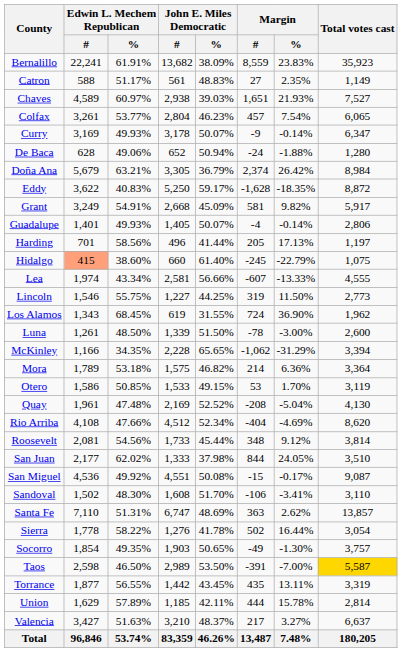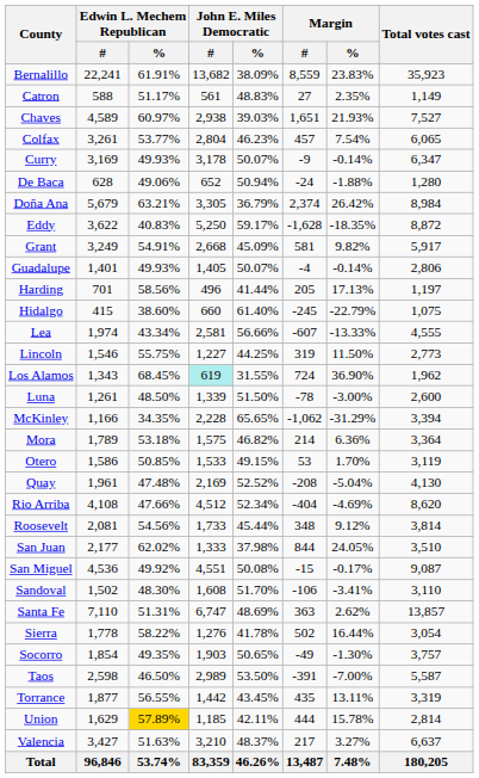 <table class="wikitable sortable" style="text-align:center">
 <tr>
 <th style="text-align:center;" rowspan="2">County</th>
 <th style="text-align:center;" colspan="2">Edwin L. Mechem<br>Republican</th>
 <th style="text-align:center;" colspan="2">John E. Miles<br>Democratic</th>
 <th style="text-align:center;" colspan="2">Margin</th>
 <th style="text-align:center;" rowspan="2">Total votes cast</th>
 </tr>
 <tr>
 <th style="text-align:center;" data-sort-type="number">#</th>
 <th style="text-align:center;" data-sort-type="number">%</th>
 <th style="text-align:center;" data-sort-type="number">#</th>
 <th style="text-align:center;" data-sort-type="number">%</th>
 <th style="text-align:center;" data-sort-type="number">#</th>
 <th style="text-align:center;" data-sort-type="number">%</th>
 </tr>
 <tr style="text-align:center;">
 <td><a href='#'>Bernalillo</a></td>
 <td>22,241</td>
 <td>61.91%</td>
 <td>13,682</td>
 <td>38.09%</td>
 <td>8,559</td>
 <td>23.83%</td>
 <td>35,923</td>
 </tr>
 <tr style="text-align:center;">
 <td><a href='#'>Catron</a></td>
 <td>588</td>
 <td>51.17%</td>
 <td>561</td>
 <td>48.83%</td>
 <td>27</td>
 <td>2.35%</td>
 <td>1,149</td>
 </tr>
 <tr style="text-align:center;">
 <td><a href='#'>Chaves</a></td>
 <td>4,589</td>
 <td>60.97%</td>
 <td>2,938</td>
 <td>39.03%</td>
 <td>1,651</td>
 <td>21.93%</td>
 <td>7,527</td>
 </tr>
 <tr style="text-align:center;">
 <td><a href='#'>Colfax</a></td>
 <td>3,261</td>
 <td>53.77%</td>
 <td>2,804</td>
 <td>46.23%</td>
 <td>457</td>
 <td>7.54%</td>
 <td>6,065</td>
 </tr>
 <tr style="text-align:center;">
 <td><a href='#'>Curry</a></td>
 <td>3,169</td>
 <td>49.93%</td>
 <td>3,178</td>
 <td>50.07%</td>
 <td>-9</td>
 <td>-0.14%</td>
 <td>6,347</td>
 </tr>
 <tr style="text-align:center;">
 <td><a href='#'>De Baca</a></td>
 <td>628</td>
 <td>49.06%</td>
 <td>652</td>
 <td>50.94%</td>
 <td>-24</td>
 <td>-1.88%</td>
 <td>1,280</td>
 </tr>
 <tr style="text-align:center;">
 <td><a href='#'>Doña Ana</a></td>
 <td>5,679</td>
 <td>63.21%</td>
 <td>3,305</td>
 <td>36.79%</td>
 <td>2,374</td>
 <td>26.42%</td>
 <td>8,984</td>
 </tr>
 <tr style="text-align:center;">
 <td><a href='#'>Eddy</a></td>
 <td>3,622</td>
 <td>40.83%</td>
 <td>5,250</td>
 <td>59.17%</td>
 <td>-1,628</td>
 <td>-18.35%</td>
 <td>8,872</td>
 </tr>
 <tr style="text-align:center;">
 <td><a href='#'>Grant</a></td>
 <td>3,249</td>
 <td>54.91%</td>
 <td>2,668</td>
 <td>45.09%</td>
 <td>581</td>
 <td>9.82%</td>
 <td>5,917</td>
 </tr>
 <tr style="text-align:center;">
 <td><a href='#'>Guadalupe</a></td>
 <td>1,401</td>
 <td>49.93%</td>
 <td>1,405</td>
 <td>50.07%</td>
 <td>-4</td>
 <td>-0.14%</td>
 <td>2,806</td>
 </tr>
 <tr style="text-align:center;">
 <td><a href='#'>Harding</a></td>
 <td>701</td>
 <td>58.56%</td>
 <td>496</td>
 <td>41.44%</td>
 <td>205</td>
 <td>17.13%</td>
 <td>1,197</td>
 </tr>
 <tr style="text-align:center;">
 <td><a href='#'>Hidalgo</a></td>
-<td style="background: lightsalmon;">415</td>
+<td>415</td>
 <td>38.60%</td>
 <td>660</td>
 <td>61.40%</td>
 <td>-245</td>
 <td>-22.79%</td>
 <td>1,075</td>
 </tr>
 <tr style="text-align:center;">
 <td><a href='#'>Lea</a></td>
 <td>1,974</td>
 <td>43.34%</td>
 <td>2,581</td>
 <td>56.66%</td>
 <td>-607</td>
 <td>-13.33%</td>
 <td>4,555</td>
 </tr>
 <tr style="text-align:center;">
 <td><a href='#'>Lincoln</a></td>
 <td>1,546</td>
 <td>55.75%</td>
 <td>1,227</td>
 <td>44.25%</td>
 <td>319</td>
 <td>11.50%</td>
 <td>2,773</td>
 </tr>
 <tr style="text-align:center;">
 <td><a href='#'>Los Alamos</a></td>
 <td>1,343</td>
 <td>68.45%</td>
-<td>619</td>
+<td style="background: paleturquoise;">619</td>
 <td>31.55%</td>
 <td>724</td>
 <td>36.90%</td>
 <td>1,962</td>
 </tr>
 <tr style="text-align:center;">
 <td><a href='#'>Luna</a></td>
 <td>1,261</td>
 <td>48.50%</td>
 <td>1,339</td>
 <td>51.50%</td>
 <td>-78</td>
 <td>-3.00%</td>
 <td>2,600</td>
 </tr>
 <tr style="text-align:center;">
 <td><a href='#'>McKinley</a></td>
 <td>1,166</td>
 <td>34.35%</td>
 <td>2,228</td>
 <td>65.65%</td>
 <td>-1,062</td>
 <td>-31.29%</td>
 <td>3,394</td>
 </tr>
 <tr style="text-align:center;">
 <td><a href='#'>Mora</a></td>
 <td>1,789</td>
 <td>53.18%</td>
 <td>1,575</td>
 <td>46.82%</td>
 <td>214</td>
 <td>6.36%</td>
 <td>3,364</td>
 </tr>
 <tr style="text-align:center;">
 <td><a href='#'>Otero</a></td>
 <td>1,586</td>
 <td>50.85%</td>
 <td>1,533</td>
 <td>49.15%</td>
 <td>53</td>
 <td>1.70%</td>
 <td>3,119</td>
 </tr>
 <tr style="text-align:center;">
 <td><a href='#'>Quay</a></td>
 <td>1,961</td>
 <td>47.48%</td>
 <td>2,169</td>
 <td>52.52%</td>
 <td>-208</td>
 <td>-5.04%</td>
 <td>4,130</td>
 </tr>
 <tr style="text-align:center;">
 <td><a href='#'>Rio Arriba</a></td>
 <td>4,108</td>
 <td>47.66%</td>
 <td>4,512</td>
 <td>52.34%</td>
 <td>-404</td>
 <td>-4.69%</td>
 <td>8,620</td>
 </tr>
 <tr style="text-align:center;">
 <td><a href='#'>Roosevelt</a></td>
 <td>2,081</td>
 <td>54.56%</td>
 <td>1,733</td>
 <td>45.44%</td>
 <td>348</td>
 <td>9.12%</td>
 <td>3,814</td>
 </tr>
 <tr style="text-align:center;">
 <td><a href='#'>San Juan</a></td>
 <td>2,177</td>
 <td>62.02%</td>
 <td>1,333</td>
 <td>37.98%</td>
 <td>844</td>
 <td>24.05%</td>
 <td>3,510</td>
 </tr>
 <tr style="text-align:center;">
 <td><a href='#'>San Miguel</a></td>
 <td>4,536</td>
 <td>49.92%</td>
 <td>4,551</td>
 <td>50.08%</td>
 <td>-15</td>
 <td>-0.17%</td>
 <td>9,087</td>
 </tr>
 <tr style="text-align:center;">
 <td><a href='#'>Sandoval</a></td>
 <td>1,502</td>
 <td>48.30%</td>
 <td>1,608</td>
 <td>51.70%</td>
 <td>-106</td>
 <td>-3.41%</td>
 <td>3,110</td>
 </tr>
 <tr style="text-align:center;">
 <td><a href='#'>Santa Fe</a></td>
 <td>7,110</td>
 <td>51.31%</td>
 <td>6,747</td>
 <td>48.69%</td>
 <td>363</td>
 <td>2.62%</td>
 <td>13,857</td>
 </tr>
 <tr style="text-align:center;">
 <td><a href='#'>Sierra</a></td>
 <td>1,778</td>
 <td>58.22%</td>
 <td>1,276</td>
 <td>41.78%</td>
 <td>502</td>
 <td>16.44%</td>
 <td>3,054</td>
 </tr>
 <tr style="text-align:center;">
 <td><a href='#'>Socorro</a></td>
 <td>1,854</td>
 <td>49.35%</td>
 <td>1,903</td>
 <td>50.65%</td>
 <td>-49</td>
 <td>-1.30%</td>
 <td>3,757</td>
 </tr>
 <tr style="text-align:center;">
 <td><a href='#'>Taos</a></td>
 <td>2,598</td>
 <td>46.50%</td>
 <td>2,989</td>
 <td>53.50%</td>
 <td>-391</td>
 <td>-7.00%</td>
-<td style="background: gold;">5,587</td>
+<td>5,587</td>
 </tr>
 <tr style="text-align:center;">
 <td><a href='#'>Torrance</a></td>
 <td>1,877</td>
 <td>56.55%</td>
 <td>1,442</td>
 <td>43.45%</td>
 <td>435</td>
 <td>13.11%</td>
 <td>3,319</td>
 </tr>
 <tr style="text-align:center;">
 <td><a href='#'>Union</a></td>
 <td>1,629</td>
-<td>57.89%</td>
+<td style="background: gold;">57.89%</td>
 <td>1,185</td>
 <td>42.11%</td>
 <td>444</td>
 <td>15.78%</td>
 <td>2,814</td>
 </tr>
 <tr style="text-align:center;">
 <td><a href='#'>Valencia</a></td>
 <td>3,427</td>
 <td>51.63%</td>
 <td>3,210</td>
 <td>48.37%</td>
 <td>217</td>
 <td>3.27%</td>
 <td>6,637</td>
 </tr>
 <tr style="text-align:center;">
 <th>Total</th>
 <th>96,846</th>
 <th>53.74%</th>
 <th>83,359</th>
 <th>46.26%</th>
 <th>13,487</th>
 <th>7.48%</th>
 <th>180,205</th>
 </tr>
 </table>
